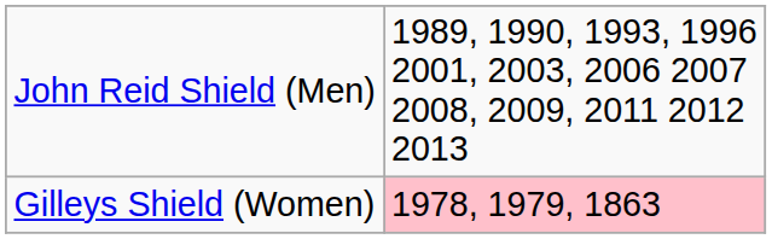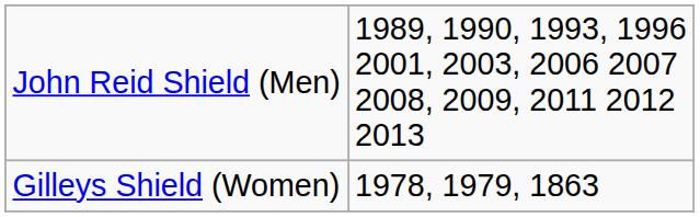 <table class="wikitable">
 <tr>
 <td><a href='#'>John Reid Shield</a> (Men)</td>
 <td>1989, 1990, 1993, 1996 <br> 2001, 2003, 2006 2007 <br> 2008, 2009, 2011 2012 <br> 2013</td>
 </tr>
 <tr>
 <td><a href='#'>Gilleys Shield</a> (Women)</td>
-<td style="background: pink;">1978, 1979, 1863</td>
+<td>1978, 1979, 1863</td>
 </tr>
 </table>
